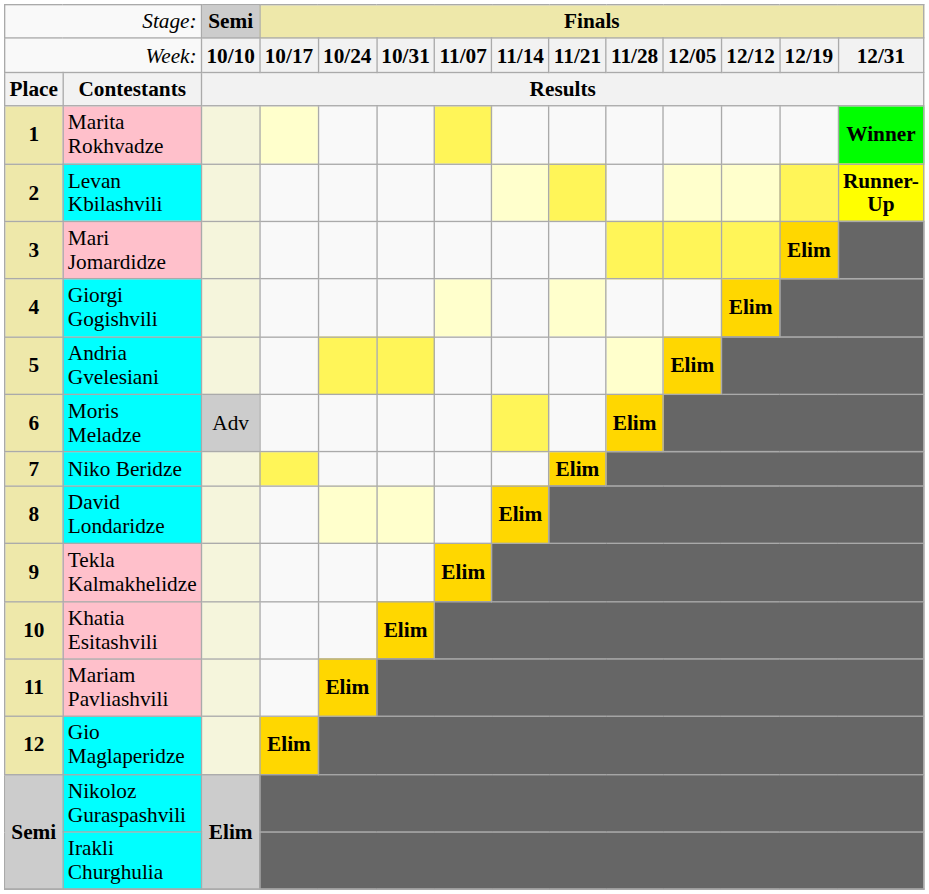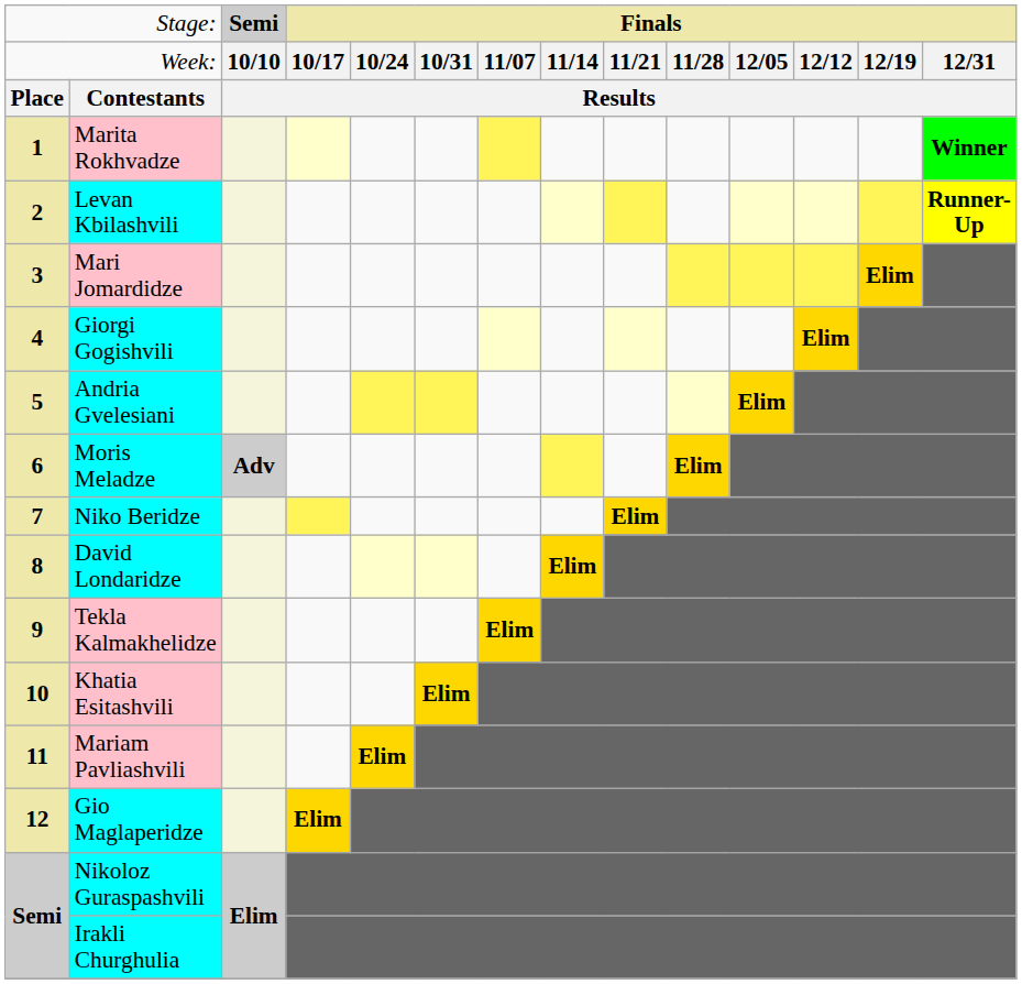 <table class="wikitable" align="center">
 <tr>
 <td width=30% colspan=2 align="right"><em>Stage:</em></td>
 <td bgcolor="CCCCCC" align="Center"><strong>Semi</strong></td>
 <td colspan=11 bgcolor="palegoldenrod" align="Center"><strong>Finals</strong></td>
 </tr>
 <tr>
 <td colspan=2 align="right"><em>Week:</em></td>
 <th>10/10</th>
 <th>10/17</th>
 <th>10/24</th>
 <th>10/31</th>
 <th>11/07</th>
 <th>11/14</th>
 <th>11/21</th>
 <th>11/28</th>
 <th>12/05</th>
 <th>12/12</th>
 <th>12/19</th>
 <th>12/31</th>
 </tr>
 <tr>
 <th>Place</th>
 <th>Contestants</th>
 <th colspan=12 align="center">Results</th>
 </tr>
 <tr>
 <td align="center" bgcolor="palegoldenrod"><strong>1</strong></td>
 <td bgcolor="pink">Marita Rokhvadze</td>
 <td bgcolor="F5F5DC"></td>
 <td bgcolor="#FFFFCC" align="center"></td>
 <td></td>
 <td></td>
 <td bgcolor="#FFF558" align="center"></td>
 <td></td>
 <td></td>
 <td></td>
 <td></td>
 <td></td>
 <td></td>
 <td bgcolor="lime" align="center"><strong>Winner</strong></td>
 </tr>
 <tr>
 <td align="center" bgcolor="palegoldenrod"><strong>2</strong></td>
 <td bgcolor="cyan">Levan Kbilashvili</td>
 <td bgcolor="F5F5DC"></td>
 <td></td>
 <td></td>
 <td></td>
 <td></td>
 <td bgcolor="#FFFFCC" align="center"></td>
 <td bgcolor="#FFF558" align="center"></td>
 <td></td>
 <td bgcolor="#FFFFCC" align="center"></td>
 <td bgcolor="#FFFFCC" align="center"></td>
 <td bgcolor="#FFF558" align="center"></td>
 <td bgcolor="yellow" align="center"><strong>Runner-Up</strong></td>
 </tr>
 <tr>
 <td align="center" bgcolor="palegoldenrod"><strong>3</strong></td>
 <td bgcolor="pink">Mari Jomardidze</td>
 <td bgcolor="F5F5DC"></td>
 <td></td>
 <td></td>
 <td></td>
 <td></td>
 <td></td>
 <td></td>
 <td bgcolor="#FFF558" align="center"></td>
 <td bgcolor="#FFF558" align="center"></td>
 <td bgcolor="#FFF558" align="center"></td>
 <td bgcolor="gold" align="center"><strong>Elim</strong></td>
 <td colspan=1 bgcolor="666666"></td>
 </tr>
 <tr>
 <td align="center" bgcolor="palegoldenrod"><strong>4</strong></td>
 <td bgcolor="cyan">Giorgi Gogishvili</td>
 <td bgcolor="F5F5DC"></td>
 <td></td>
 <td></td>
 <td></td>
 <td bgcolor="#FFFFCC" align="center"></td>
 <td></td>
 <td bgcolor="#FFFFCC" align="center"></td>
 <td></td>
 <td></td>
 <td bgcolor="gold" align="center"><strong>Elim</strong></td>
 <td colspan=2 bgcolor="666666"></td>
 </tr>
 <tr>
 <td align="center" bgcolor="palegoldenrod"><strong>5</strong></td>
 <td bgcolor="cyan">Andria Gvelesiani</td>
 <td bgcolor="F5F5DC"></td>
 <td></td>
 <td bgcolor="#FFF558" align="center"></td>
 <td bgcolor="#FFF558" align="center"></td>
 <td></td>
 <td></td>
 <td></td>
 <td bgcolor="#FFFFCC" align="center"></td>
 <td bgcolor="gold" align="center"><strong>Elim</strong></td>
 <td colspan=3 bgcolor="666666"></td>
 </tr>
 <tr>
 <td align="center" bgcolor="palegoldenrod"><strong>6</strong></td>
 <td bgcolor="cyan">Moris Meladze</td>
-<td bgcolor="#CCCCCC" align="center">Adv</td>
+<td bgcolor="#CCCCCC" align="center"><strong>Adv</strong></td>
 <td></td>
 <td></td>
 <td></td>
 <td></td>
 <td bgcolor="#FFF558" align="center"></td>
 <td></td>
 <td bgcolor="gold" align="center"><strong>Elim</strong></td>
 <td colspan=5 bgcolor="666666"></td>
 </tr>
 <tr>
 <td align="center" bgcolor="palegoldenrod"><strong>7</strong></td>
 <td bgcolor="cyan">Niko Beridze</td>
 <td bgcolor="F5F5DC"></td>
 <td bgcolor="#FFF558" align="center"></td>
 <td></td>
 <td></td>
 <td></td>
 <td></td>
 <td bgcolor="gold" align="center"><strong>Elim</strong></td>
 <td colspan=5 bgcolor="666666"></td>
 </tr>
 <tr>
 <td align="center" bgcolor="palegoldenrod"><strong>8</strong></td>
 <td bgcolor="cyan">David Londaridze</td>
 <td bgcolor="F5F5DC"></td>
 <td></td>
 <td bgcolor="#FFFFCC" align="center"></td>
 <td bgcolor="#FFFFCC" align="center"></td>
 <td></td>
 <td bgcolor="gold" align="center"><strong>Elim</strong></td>
 <td colspan=6 bgcolor="666666"></td>
 </tr>
 <tr>
 <td align="center" bgcolor="palegoldenrod"><strong>9</strong></td>
 <td bgcolor="pink">Tekla Kalmakhelidze</td>
 <td bgcolor="F5F5DC"></td>
 <td></td>
 <td></td>
 <td></td>
 <td bgcolor="gold" align="center"><strong>Elim</strong></td>
 <td colspan=7 bgcolor="666666"></td>
 </tr>
 <tr>
 <td align="center" bgcolor="palegoldenrod"><strong>10</strong></td>
 <td bgcolor="pink">Khatia Esitashvili</td>
 <td bgcolor="F5F5DC"></td>
 <td></td>
 <td></td>
 <td bgcolor="gold" align="center"><strong>Elim</strong></td>
 <td colspan=8 bgcolor="666666"></td>
 </tr>
 <tr>
 <td align="center" bgcolor="palegoldenrod"><strong>11</strong></td>
 <td bgcolor="pink">Mariam Pavliashvili</td>
 <td bgcolor="F5F5DC"></td>
 <td></td>
 <td bgcolor="gold" align="center"><strong>Elim</strong></td>
 <td colspan=9 bgcolor="666666"></td>
 </tr>
 <tr>
 <td align="center" bgcolor="palegoldenrod"><strong>12</strong></td>
 <td bgcolor="cyan">Gio Maglaperidze</td>
 <td bgcolor="F5F5DC"></td>
 <td bgcolor="gold" align="center"><strong>Elim</strong></td>
 <td colspan=10 bgcolor="666666"></td>
 </tr>
 <tr>
 <td bgcolor="CCCCCC" align="center" rowspan=2><strong>Semi</strong></td>
 <td bgcolor="cyan">Nikoloz Guraspashvili</td>
 <td bgcolor="#CCCCCC" align="center" rowspan=2><strong>Elim</strong></td>
 <td colspan=11 bgcolor="666666"></td>
 </tr>
 <tr>
 <td bgcolor="cyan">Irakli Churghulia</td>
 <td colspan=11 bgcolor="666666"></td>
 </tr>
 <tr>
 </tr>
 </table>
